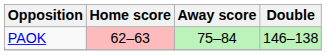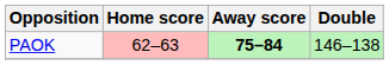 <table class="wikitable" style="text-align: center;">
 <tr>
 <th>Opposition</th>
 <th>Home score</th>
 <th>Away score</th>
 <th>Double</th>
 </tr>
 <tr>
 <td align="left"> <a href='#'>PAOK</a></td>
 <td bgcolor=#FFBBBB>62–63</td>
-<td bgcolor=#BBF3BB>75–84</td>
+<td bgcolor=#BBF3BB><strong>75–84</strong></td>
 <td bgcolor=#BBF3BB>146–138</td>
 </tr>
 <tr>
 </tr>
 </table>
